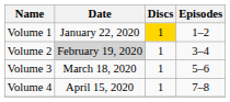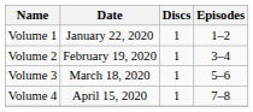 <table class="wikitable" style="text-align:center;">
 <tr>
 <th>Name</th>
 <th>Date</th>
 <th>Discs</th>
 <th>Episodes</th>
 </tr>
 <tr>
 <td>Volume 1</td>
 <td>January 22, 2020</td>
-<td style="background: gold;">1</td>
+<td>1</td>
 <td>1–2</td>
 </tr>
 <tr>
 <td>Volume 2</td>
-<td style="background: lightgrey;">February 19, 2020</td>
+<td>February 19, 2020</td>
 <td>1</td>
 <td>3–4</td>
 </tr>
 <tr>
 <td>Volume 3</td>
 <td>March 18, 2020</td>
 <td>1</td>
 <td>5–6</td>
 </tr>
 <tr>
 <td>Volume 4</td>
 <td>April 15, 2020</td>
 <td>1</td>
 <td>7–8</td>
 </tr>
 <tr>
 </tr>
 </table>
